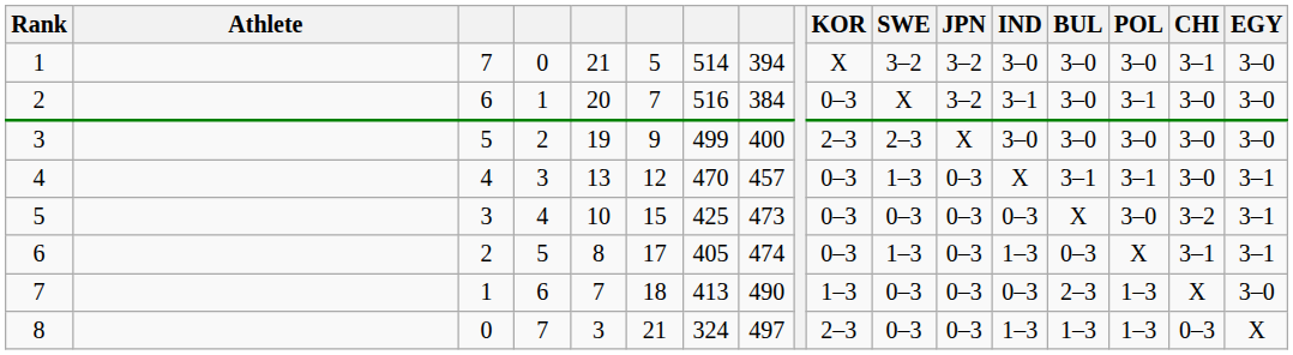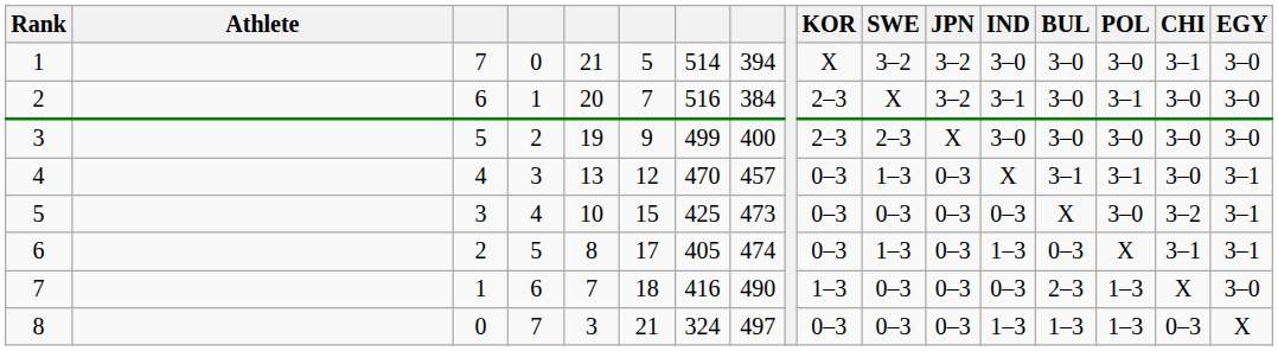 <table class="wikitable" style="text-align:center">
 <tr>
 <th>Rank</th>
 <th width=250>Athlete</th>
 <th width=30></th>
 <th width=30></th>
 <th width=30></th>
 <th width=30></th>
 <th width=30></th>
 <th width=30></th>
 <th rowspan=9></th>
 <th width=30>KOR</th>
 <th width=30>SWE</th>
 <th width=30>JPN</th>
 <th width=30>IND</th>
 <th width=30>BUL</th>
 <th width=30>POL</th>
 <th width=30>CHI</th>
 <th width=30>EGY</th>
 </tr>
 <tr>
 <td>1</td>
 <td align=left></td>
 <td>7</td>
 <td>0</td>
 <td>21</td>
 <td>5</td>
 <td>514</td>
 <td>394</td>
 <td>X</td>
 <td>3–2</td>
 <td>3–2</td>
 <td>3–0</td>
 <td>3–0</td>
 <td>3–0</td>
 <td>3–1</td>
 <td>3–0</td>
 </tr>
 <tr style="border-bottom:2px solid green;">
 <td>2</td>
 <td align=left></td>
 <td>6</td>
 <td>1</td>
 <td>20</td>
 <td>7</td>
 <td>516</td>
 <td>384</td>
-<td>0–3</td>
+<td>2–3</td>
 <td>X</td>
 <td>3–2</td>
 <td>3–1</td>
 <td>3–0</td>
 <td>3–1</td>
 <td>3–0</td>
 <td>3–0</td>
 </tr>
 <tr>
 <td>3</td>
 <td align=left></td>
 <td>5</td>
 <td>2</td>
 <td>19</td>
 <td>9</td>
 <td>499</td>
 <td>400</td>
 <td>2–3</td>
 <td>2–3</td>
 <td>X</td>
 <td>3–0</td>
 <td>3–0</td>
 <td>3–0</td>
 <td>3–0</td>
 <td>3–0</td>
 </tr>
 <tr>
 <td>4</td>
 <td align=left></td>
 <td>4</td>
 <td>3</td>
 <td>13</td>
 <td>12</td>
 <td>470</td>
 <td>457</td>
 <td>0–3</td>
 <td>1–3</td>
 <td>0–3</td>
 <td>X</td>
 <td>3–1</td>
 <td>3–1</td>
 <td>3–0</td>
 <td>3–1</td>
 </tr>
 <tr>
 <td>5</td>
 <td align=left></td>
 <td>3</td>
 <td>4</td>
 <td>10</td>
 <td>15</td>
 <td>425</td>
 <td>473</td>
 <td>0–3</td>
 <td>0–3</td>
 <td>0–3</td>
 <td>0–3</td>
 <td>X</td>
 <td>3–0</td>
 <td>3–2</td>
 <td>3–1</td>
 </tr>
 <tr>
 <td>6</td>
 <td align=left></td>
 <td>2</td>
 <td>5</td>
 <td>8</td>
 <td>17</td>
 <td>405</td>
 <td>474</td>
 <td>0–3</td>
 <td>1–3</td>
 <td>0–3</td>
 <td>1–3</td>
 <td>0–3</td>
 <td>X</td>
 <td>3–1</td>
 <td>3–1</td>
 </tr>
 <tr>
 <td>7</td>
 <td align=left></td>
 <td>1</td>
 <td>6</td>
 <td>7</td>
 <td>18</td>
-<td>413</td>
+<td>416</td>
 <td>490</td>
 <td>1–3</td>
 <td>0–3</td>
 <td>0–3</td>
 <td>0–3</td>
 <td>2–3</td>
 <td>1–3</td>
 <td>X</td>
 <td>3–0</td>
 </tr>
 <tr>
 <td>8</td>
 <td align=left></td>
 <td>0</td>
 <td>7</td>
 <td>3</td>
 <td>21</td>
 <td>324</td>
 <td>497</td>
-<td>2–3</td>
+<td>0–3</td>
 <td>0–3</td>
 <td>0–3</td>
 <td>1–3</td>
 <td>1–3</td>
 <td>1–3</td>
 <td>0–3</td>
 <td>X</td>
 </tr>
 </table>
